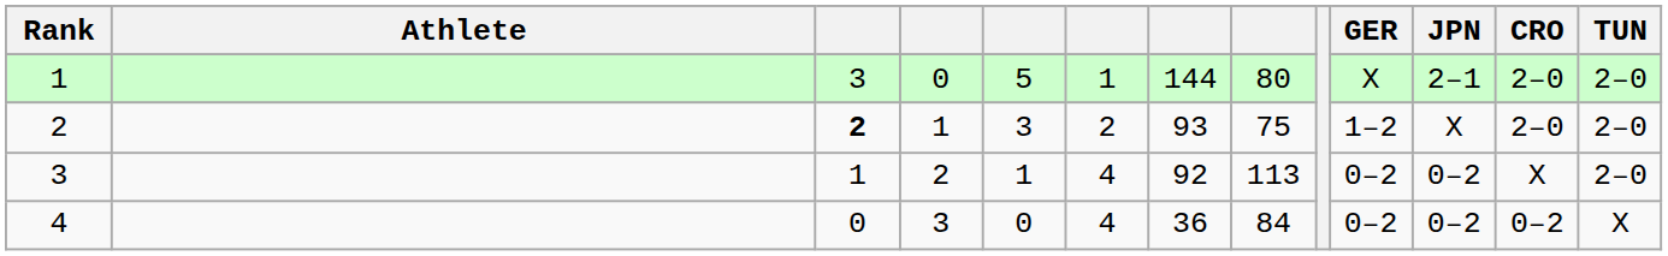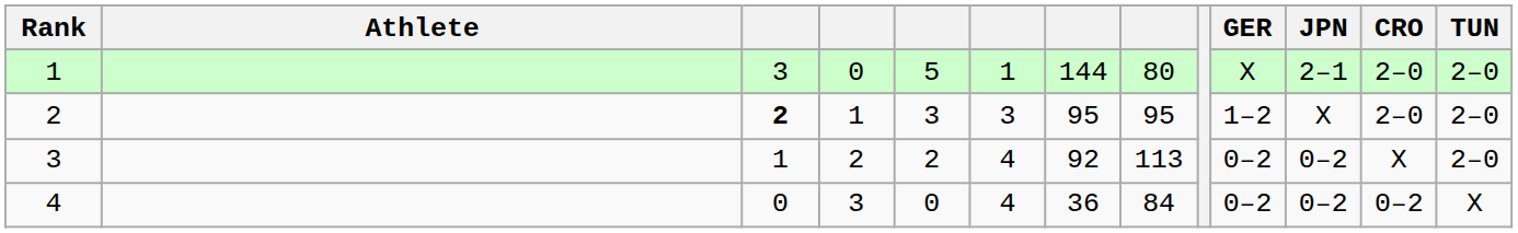 <table class="wikitable" style="text-align:center">
 <tr>
 <th width=40>Rank</th>
 <th width=300>Athlete</th>
 <th width=30></th>
 <th width=30></th>
 <th width=30></th>
 <th width=30></th>
 <th width=30></th>
 <th width=30></th>
 <th rowspan=5></th>
 <th width=30>GER</th>
 <th width=30>JPN</th>
 <th width=30>CRO</th>
 <th width=30>TUN</th>
 </tr>
 <tr style="background-color:#ccffcc;">
 <td>1</td>
 <td align=left></td>
 <td>3</td>
 <td>0</td>
 <td>5</td>
 <td>1</td>
 <td>144</td>
 <td>80</td>
 <td>X</td>
 <td>2–1</td>
 <td>2–0</td>
 <td>2–0</td>
 </tr>
 <tr>
 <td>2</td>
 <td align=left></td>
 <td><strong>2</strong></td>
 <td>1</td>
 <td>3</td>
-<td>2</td>
-<td>93</td>
-<td>75</td>
+<td>3</td>
+<td>95</td>
+<td>95</td>
 <td>1–2</td>
 <td>X</td>
 <td>2–0</td>
 <td>2–0</td>
 </tr>
 <tr>
 <td>3</td>
 <td align=left></td>
 <td>1</td>
 <td>2</td>
-<td>1</td>
+<td>2</td>
 <td>4</td>
 <td>92</td>
 <td>113</td>
 <td>0–2</td>
 <td>0–2</td>
 <td>X</td>
 <td>2–0</td>
 </tr>
 <tr>
 <td>4</td>
 <td align=left></td>
 <td>0</td>
 <td>3</td>
 <td>0</td>
 <td>4</td>
 <td>36</td>
 <td>84</td>
 <td>0–2</td>
 <td>0–2</td>
 <td>0–2</td>
 <td>X</td>
 </tr>
 </table>
